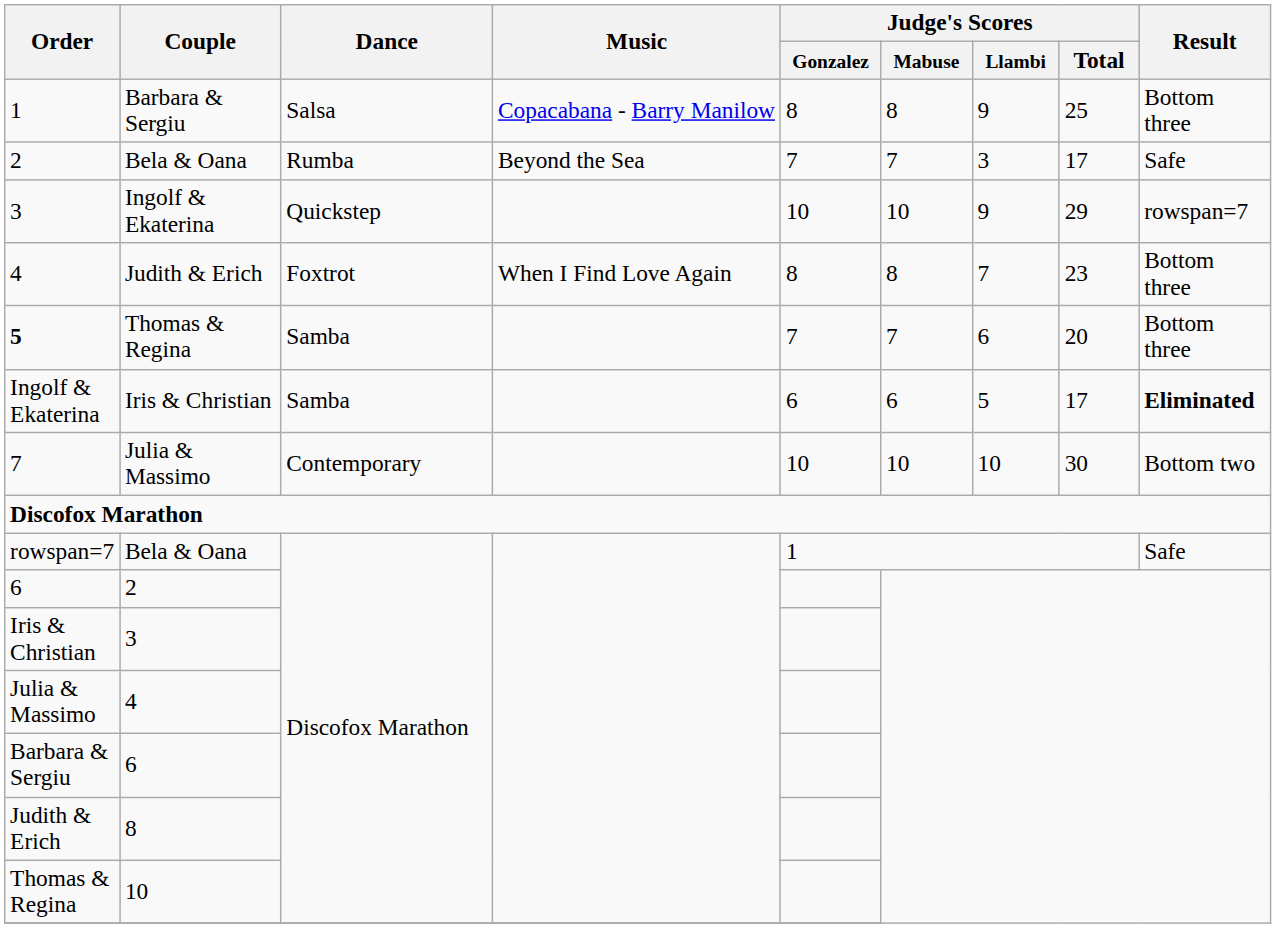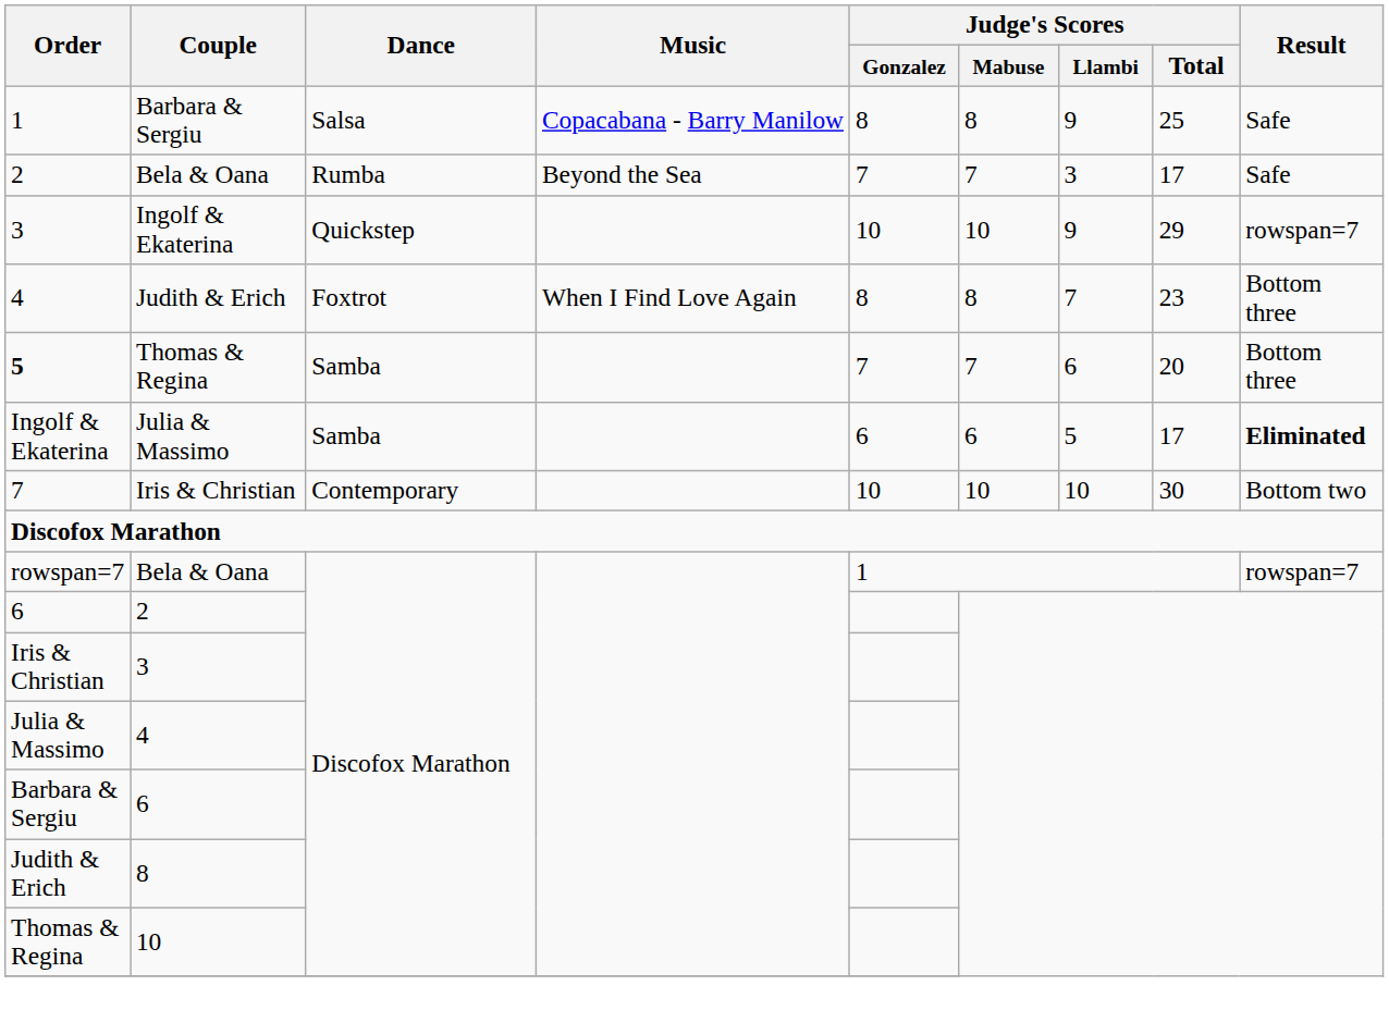 <table class="wikitable sortable center">
 <tr>
 <th rowspan="2" style="width: 4em">Order</th>
 <th rowspan="2" style="width: 17em">Couple</th>
 <th rowspan="2" style="width: 20em">Dance</th>
 <th rowspan="2" style="width: 40em">Music</th>
 <th colspan="4">Judge's Scores</th>
 <th rowspan="2" style="width: 7em">Result</th>
 </tr>
 <tr>
 <th style="width: 6em"><small> Gonzalez</small></th>
 <th style="width: 6em"><small> Mabuse</small></th>
 <th style="width: 6em"><small> Llambi</small></th>
 <th style="width: 6em">Total</th>
 </tr>
 <tr>
 <td>1</td>
 <td>Barbara & Sergiu</td>
 <td>Salsa</td>
 <td><a href='#'>Copacabana</a> - <a href='#'>Barry Manilow</a></td>
 <td>8</td>
 <td>8</td>
 <td>9</td>
 <td>25</td>
-<td>Bottom three</td>
+<td>Safe</td>
 </tr>
 <tr>
 <td>2</td>
 <td>Bela & Oana</td>
 <td>Rumba</td>
 <td>Beyond the Sea</td>
 <td>7</td>
 <td>7</td>
 <td>3</td>
 <td>17</td>
 <td>Safe</td>
 </tr>
 <tr>
 <td>3</td>
 <td>Ingolf & Ekaterina</td>
 <td>Quickstep</td>
 <td></td>
 <td>10</td>
 <td>10</td>
 <td>9</td>
 <td>29</td>
 <td>rowspan=7 </td>
 </tr>
 <tr>
 <td>4</td>
 <td>Judith & Erich</td>
 <td>Foxtrot</td>
 <td>When I Find Love Again</td>
 <td>8</td>
 <td>8</td>
 <td>7</td>
 <td>23</td>
 <td>Bottom three</td>
 </tr>
 <tr>
 <td><strong>5</strong></td>
 <td>Thomas & Regina</td>
 <td>Samba</td>
 <td></td>
 <td>7</td>
 <td>7</td>
 <td>6</td>
 <td>20</td>
 <td>Bottom three</td>
 </tr>
 <tr>
 <td>Ingolf & Ekaterina</td>
-<td>Iris & Christian</td>
+<td>Julia & Massimo</td>
 <td>Samba</td>
 <td></td>
 <td>6</td>
 <td>6</td>
 <td>5</td>
 <td>17</td>
 <td><strong>Eliminated</strong></td>
 </tr>
 <tr>
 <td>7</td>
-<td>Julia & Massimo</td>
+<td>Iris & Christian</td>
 <td>Contemporary</td>
 <td></td>
 <td>10</td>
 <td>10</td>
 <td>10</td>
 <td>30</td>
 <td>Bottom two</td>
 </tr>
 <tr>
 <td colspan=9><strong>Discofox Marathon</strong></td>
 </tr>
 <tr>
 <td>rowspan=7 </td>
 <td>Bela & Oana</td>
 <td rowspan=7>Discofox Marathon</td>
 <td rowspan=7></td>
 <td colspan=4>1</td>
-<td>Safe</td>
+<td>rowspan=7 </td>
 </tr>
 <tr>
 <td>6</td>
 <td colspan=4>2</td>
 </tr>
 <tr>
 <td>Iris & Christian</td>
 <td colspan=4>3</td>
 </tr>
 <tr>
 <td>Julia & Massimo</td>
 <td colspan=4>4</td>
 </tr>
 <tr>
 <td>Barbara & Sergiu</td>
 <td colspan=4>6</td>
 </tr>
 <tr>
 <td>Judith & Erich</td>
 <td colspan=4>8</td>
 </tr>
 <tr>
 <td>Thomas & Regina</td>
 <td colspan=4>10</td>
 </tr>
 <tr>
 </tr>
 </table>
